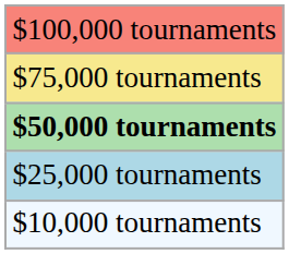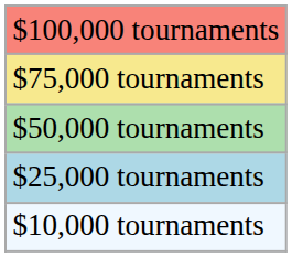 <table class="wikitable" style=font-size:85%>
 <tr style="background:#f88379;">
 <td>$100,000 tournaments</td>
 </tr>
 <tr style="background:#f7e98e;">
 <td>$75,000 tournaments</td>
 </tr>
 <tr style="background:#addfad;">
-<td><strong>$50,000 tournaments</strong></td>
+<td>$50,000 tournaments</td>
 </tr>
 <tr style="background:lightblue;">
 <td>$25,000 tournaments</td>
 </tr>
 <tr style="background:#f0f8ff;">
 <td>$10,000 tournaments</td>
 </tr>
 </table>
